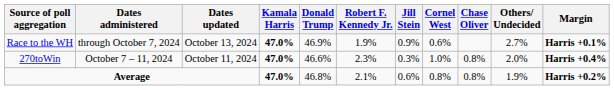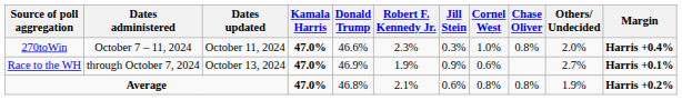 <table class="wikitable sortable mw-datatable" style="text-align:center;font-size:90%;line-height:17px">
 <tr>
 <th>Source of poll<br>aggregation</th>
 <th>Dates<br>administered</th>
 <th>Dates<br>updated</th>
 <th class="unsortable"><a href='#'>Kamala <br>Harris</a><br><small></small></th>
 <th class="unsortable"><a href='#'>Donald<br>Trump</a><br><small></small></th>
 <th class="unsortable"><a href='#'>Robert F.<br>Kennedy Jr.</a><br><small></small></th>
 <th class="unsortable"><a href='#'>Jill<br>Stein</a><br><small></small></th>
 <th class="unsortable"><a href='#'>Cornel<br>West</a><br><small></small></th>
 <th class="unsortable"><a href='#'>Chase<br>Oliver</a><br><small></small></th>
 <th class="unsortable">Others/<br>Undecided<br></th>
 <th>Margin</th>
 </tr>
 <tr>
+<td><a href='#'>270toWin</a></td>
+<td>October 7 – 11, 2024</td>
+<td>October 11, 2024</td>
+<td style="color:black;background-color:"><strong>47.0%</strong></td>
+<td>46.6%</td>
+<td>2.3%</td>
+<td>0.3%</td>
+<td>1.0%</td>
+<td>0.8%</td>
+<td>2.0%</td>
+<td style="color:black;background-color:"><strong>Harris +0.4%</strong></td>
+</tr>
+<tr>
 <td><a href='#'>Race to the WH</a></td>
 <td>through October 7, 2024</td>
 <td>October 13, 2024</td>
 <td style="color:black;background-color:"><strong>47.0%</strong></td>
 <td>46.9%</td>
 <td>1.9%</td>
 <td>0.9%</td>
 <td>0.6%</td>
 <td></td>
 <td>2.7%</td>
 <td style="color:black;background-color:"><strong>Harris +0.1%</strong></td>
 </tr>
 <tr>
-<td><a href='#'>270toWin</a></td>
-<td>October 7 – 11, 2024</td>
-<td>October 11, 2024</td>
-<td style="color:black;background-color:"><strong>47.0%</strong></td>
-<td>46.6%</td>
-<td>2.3%</td>
-<td>0.3%</td>
-<td>1.0%</td>
-<td>0.8%</td>
-<td>2.0%</td>
-<td style="color:black;background-color:"><strong>Harris +0.4%</strong></td>
-</tr>
-<tr>
 <td colspan="3"><strong>Average</strong></td>
 <td style="color:black;background-color:"><strong>47.0%</strong></td>
 <td>46.8%</td>
 <td>2.1%</td>
 <td>0.6%</td>
 <td>0.8%</td>
 <td>0.8%</td>
 <td>1.9%</td>
 <td style="color:black;background-color:"><strong>Harris +0.2%</strong></td>
 </tr>
 </table>
